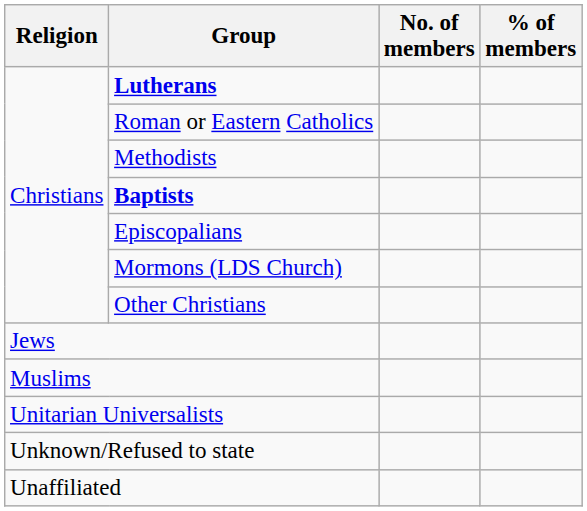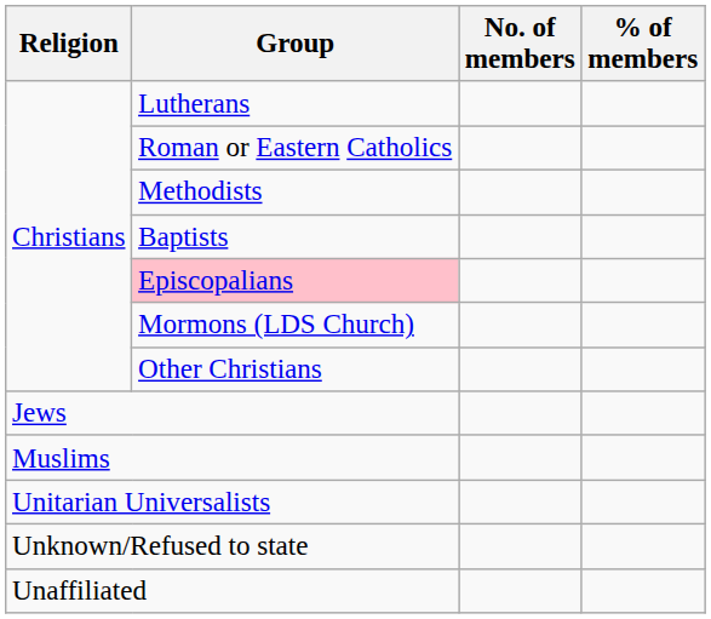 <table class="wikitable sortable">
 <tr>
 <th>Religion</th>
 <th>Group</th>
 <th>No. of<br> members</th>
 <th>% of<br> members</th>
 </tr>
 <tr>
 <td rowspan=7><a href='#'>Christians</a></td>
-<td><strong><a href='#'>Lutherans</a></strong></td>
+<td><a href='#'>Lutherans</a></td>
 <td></td>
 <td></td>
 </tr>
 <tr>
 <td><a href='#'>Roman</a> or <a href='#'>Eastern</a> <a href='#'>Catholics</a></td>
 <td></td>
 <td></td>
 </tr>
 <tr>
 <td><a href='#'>Methodists</a></td>
 <td></td>
 <td></td>
 </tr>
 <tr>
-<td><strong><a href='#'>Baptists</a></strong></td>
+<td><a href='#'>Baptists</a></td>
 <td></td>
 <td></td>
 </tr>
 <tr>
-<td><a href='#'>Episcopalians</a></td>
+<td style="background: pink;"><a href='#'>Episcopalians</a></td>
 <td></td>
 <td></td>
 </tr>
 <tr>
 <td><a href='#'>Mormons (LDS Church)</a></td>
 <td></td>
 <td></td>
 </tr>
 <tr>
 <td><a href='#'>Other Christians</a></td>
 <td></td>
 <td></td>
 </tr>
 <tr>
 <td colspan=2; position=center><a href='#'>Jews</a></td>
 <td></td>
 <td></td>
 </tr>
 <tr>
 <td colspan=2; position=center><a href='#'>Muslims</a></td>
 <td></td>
 <td></td>
 </tr>
 <tr>
 <td colspan=2; position=center><a href='#'>Unitarian Universalists</a></td>
 <td></td>
 <td></td>
 </tr>
 <tr>
 <td colspan=2; position=center>Unknown/Refused to state</td>
 <td></td>
 <td></td>
 </tr>
 <tr>
 <td colspan=2; position=center>Unaffiliated</td>
 <td></td>
 <td></td>
 </tr>
 </table>
